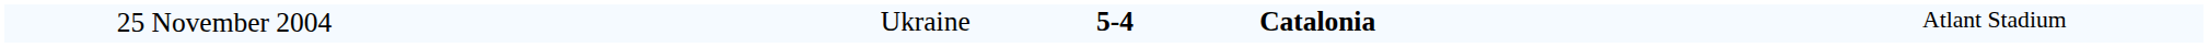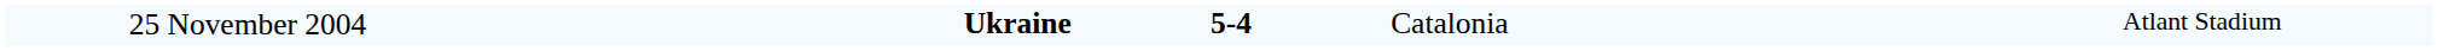 <table style="width: 100%; background:#F5FAFF;" cellspacing="0">
 <tr>
 <td align=center rowspan=3 width=20%>25 November 2004</td>
 </tr>
 <tr>
-<td width=24% align=right>Ukraine </td>
+<td width=24% align=right><strong>Ukraine </strong></td>
 <td align=center width=13%><strong>5-4</strong></td>
-<td width=24%><strong> Catalonia</strong></td>
+<td width=24%> Catalonia</td>
 <td style=font-size:85% rowspan=3 valign=top align=center>Atlant Stadium</td>
 </tr>
 <tr style=font-size:85%>
 <td align=right valign=top></td>
 <td></td>
 <td></td>
 </tr>
 </table>
